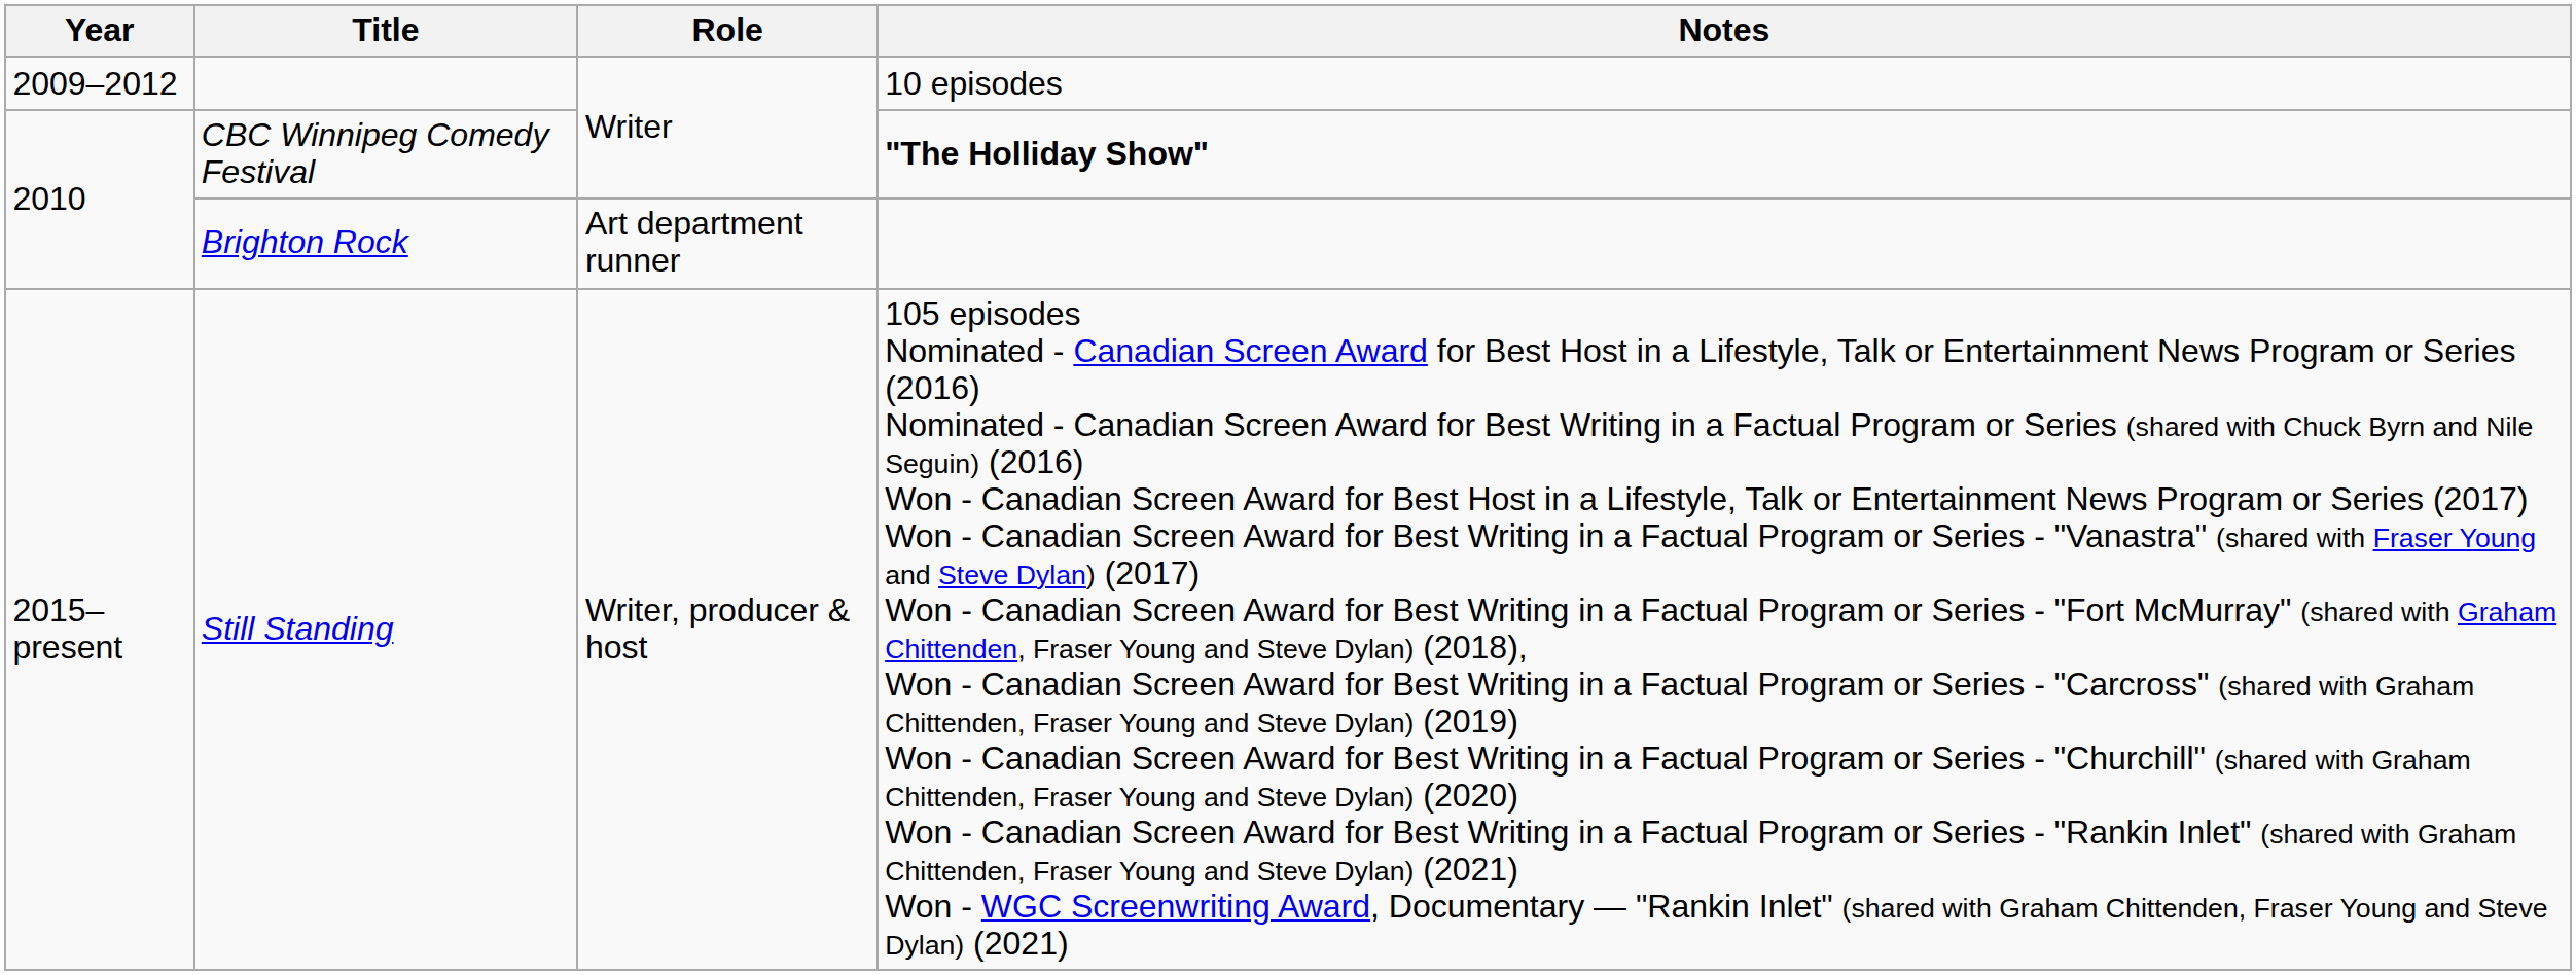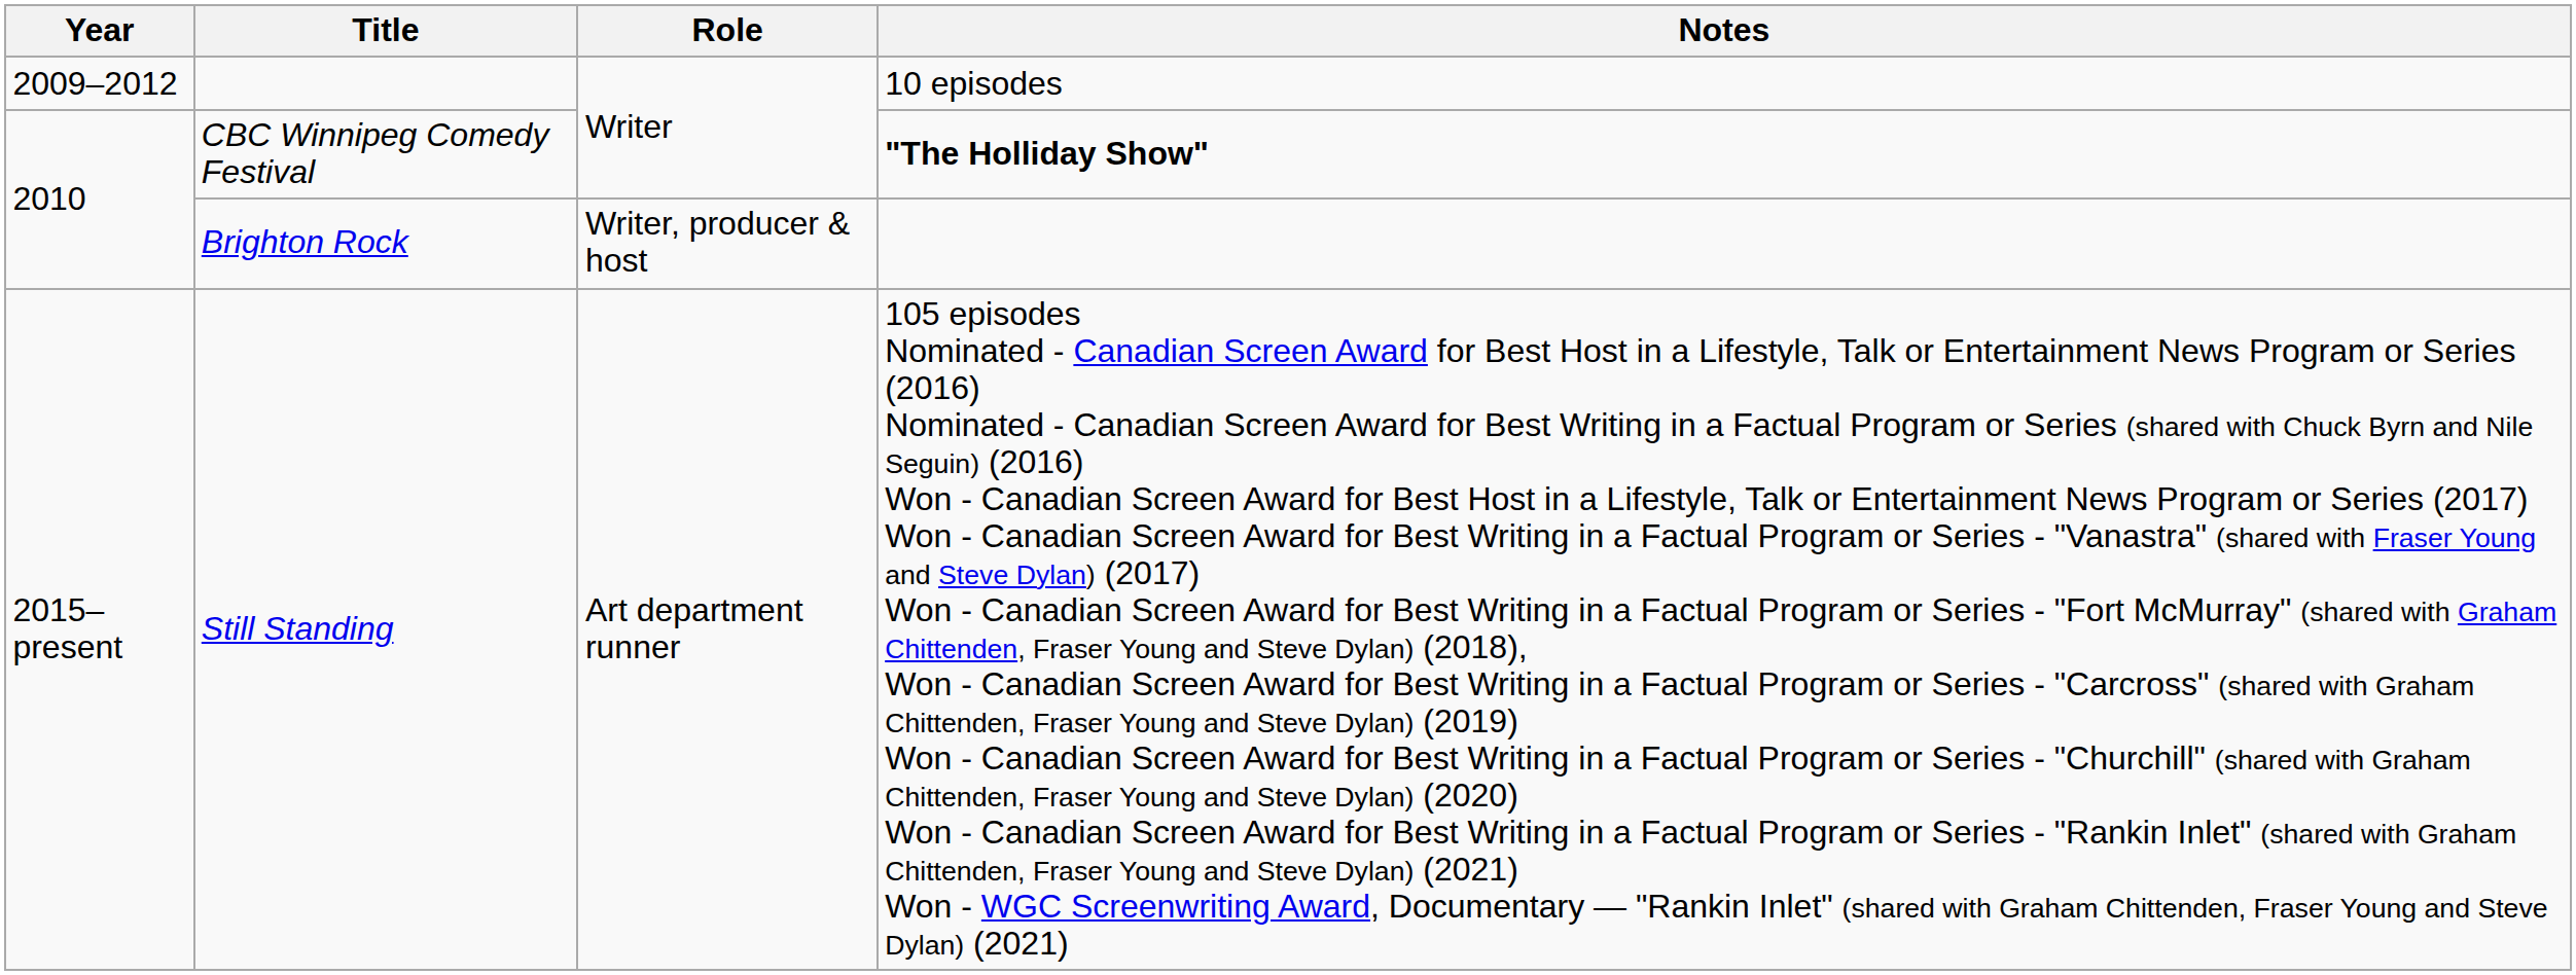 <table class="wikitable sortable">
 <tr>
 <th>Year</th>
 <th>Title</th>
 <th>Role</th>
 <th class="unsortable">Notes</th>
 </tr>
 <tr>
 <td>2009–2012</td>
 <td><em></em></td>
 <td rowspan=2>Writer</td>
 <td>10 episodes</td>
 </tr>
 <tr>
 <td rowspan=2>2010</td>
 <td><em>CBC Winnipeg Comedy Festival</em></td>
 <td><strong>"The Holliday Show"</strong></td>
 </tr>
 <tr>
 <td><em><a href='#'>Brighton Rock</a></em></td>
-<td>Art department runner</td>
+<td>Writer, producer & host</td>
 <td></td>
 </tr>
 <tr>
 <td>2015–present</td>
 <td><em><a href='#'>Still Standing</a></em></td>
-<td>Writer, producer & host</td>
+<td>Art department runner</td>
 <td>105 episodes<br>Nominated - <a href='#'>Canadian Screen Award</a> for Best Host in a Lifestyle, Talk or Entertainment News Program or Series (2016)<br>Nominated - Canadian Screen Award for Best Writing in a Factual Program or Series <small>(shared with Chuck Byrn and Nile Seguin)</small> (2016)<br>Won - Canadian Screen Award for Best Host in a Lifestyle, Talk or Entertainment News Program or Series (2017)<br>Won - Canadian Screen Award for Best Writing in a Factual Program or Series -  "Vanastra" <small>(shared with <a href='#'>Fraser Young</a> and <a href='#'>Steve Dylan</a>)</small> (2017)<br>Won - Canadian Screen Award for Best Writing in a Factual Program or Series - "Fort McMurray" <small>(shared with <a href='#'>Graham Chittenden</a>, Fraser Young and Steve Dylan)</small> (2018),<br>Won - Canadian Screen Award for Best Writing in a Factual Program or Series - "Carcross" <small>(shared with Graham Chittenden, Fraser Young and Steve Dylan)</small> (2019)<br>Won - Canadian Screen Award for Best Writing in a Factual Program or Series - "Churchill" <small>(shared with Graham Chittenden, Fraser Young and Steve Dylan)</small> (2020)<br>Won - Canadian Screen Award for Best Writing in a Factual Program or Series - "Rankin Inlet" <small>(shared with Graham Chittenden, Fraser Young and Steve Dylan)</small> (2021)<br>Won - <a href='#'>WGC Screenwriting Award</a>, Documentary — "Rankin Inlet" <small>(shared with Graham Chittenden, Fraser Young and Steve Dylan)</small> (2021)</td>
 </tr>
 </table>
